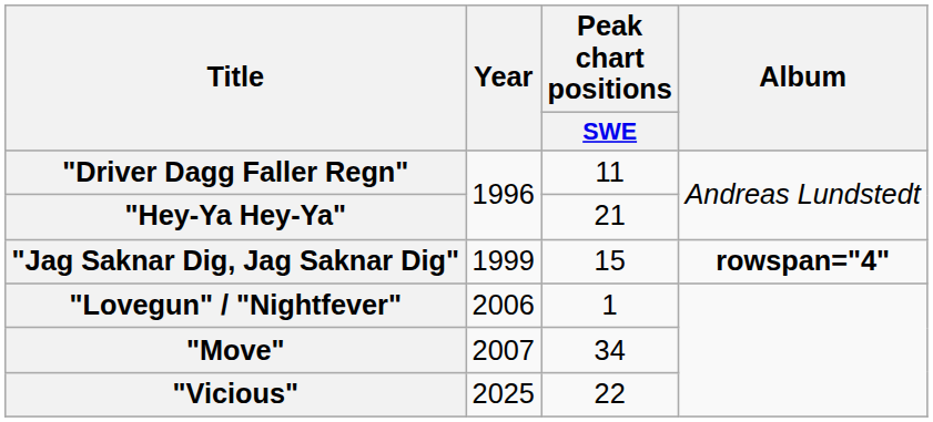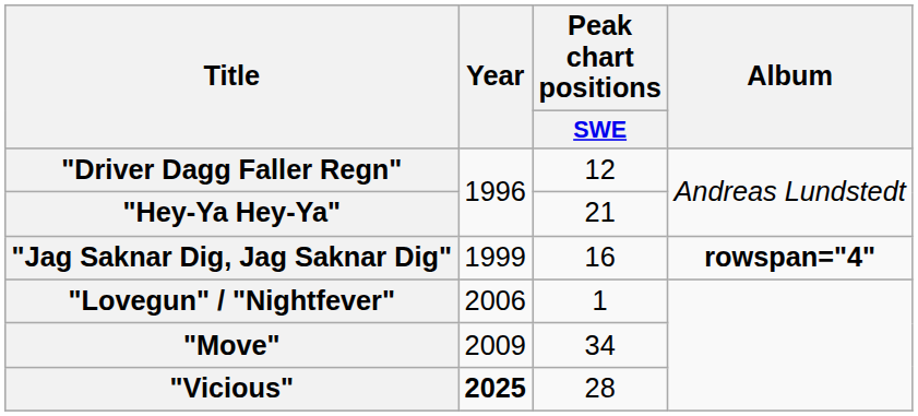 <table class="wikitable plainrowheaders" style="text-align:center;">
 <tr>
 <th scope="col" rowspan="2">Title</th>
 <th scope="col" rowspan="2">Year</th>
 <th scope="col" colspan="1">Peak chart positions</th>
 <th scope="col" rowspan="2">Album</th>
 </tr>
 <tr>
 <th scope="col" style="width:3em;font-size:85%;"><a href='#'>SWE</a></th>
 </tr>
 <tr>
 <th scope="row">"Driver Dagg Faller Regn"</th>
 <td rowspan="2">1996</td>
-<td>11</td>
+<td>12</td>
 <td rowspan="2"><em>Andreas Lundstedt</em></td>
 </tr>
 <tr>
 <th scope="row">"Hey-Ya Hey-Ya"</th>
 <td>21</td>
 </tr>
 <tr>
 <th scope="row">"Jag Saknar Dig, Jag Saknar Dig"</th>
 <td>1999</td>
-<td>15</td>
+<td>16</td>
 <td><strong>rowspan="4" </strong></td>
 </tr>
 <tr>
 <th scope="row">"Lovegun" / "Nightfever"</th>
 <td>2006</td>
 <td>1</td>
 </tr>
 <tr>
 <th scope="row">"Move"</th>
-<td>2007</td>
+<td>2009</td>
 <td>34</td>
 </tr>
 <tr>
 <th scope="row">"Vicious"</th>
-<td>2025</td>
-<td>22<br></td>
+<td><strong>2025</strong></td>
+<td>28<br></td>
 </tr>
 </table>
